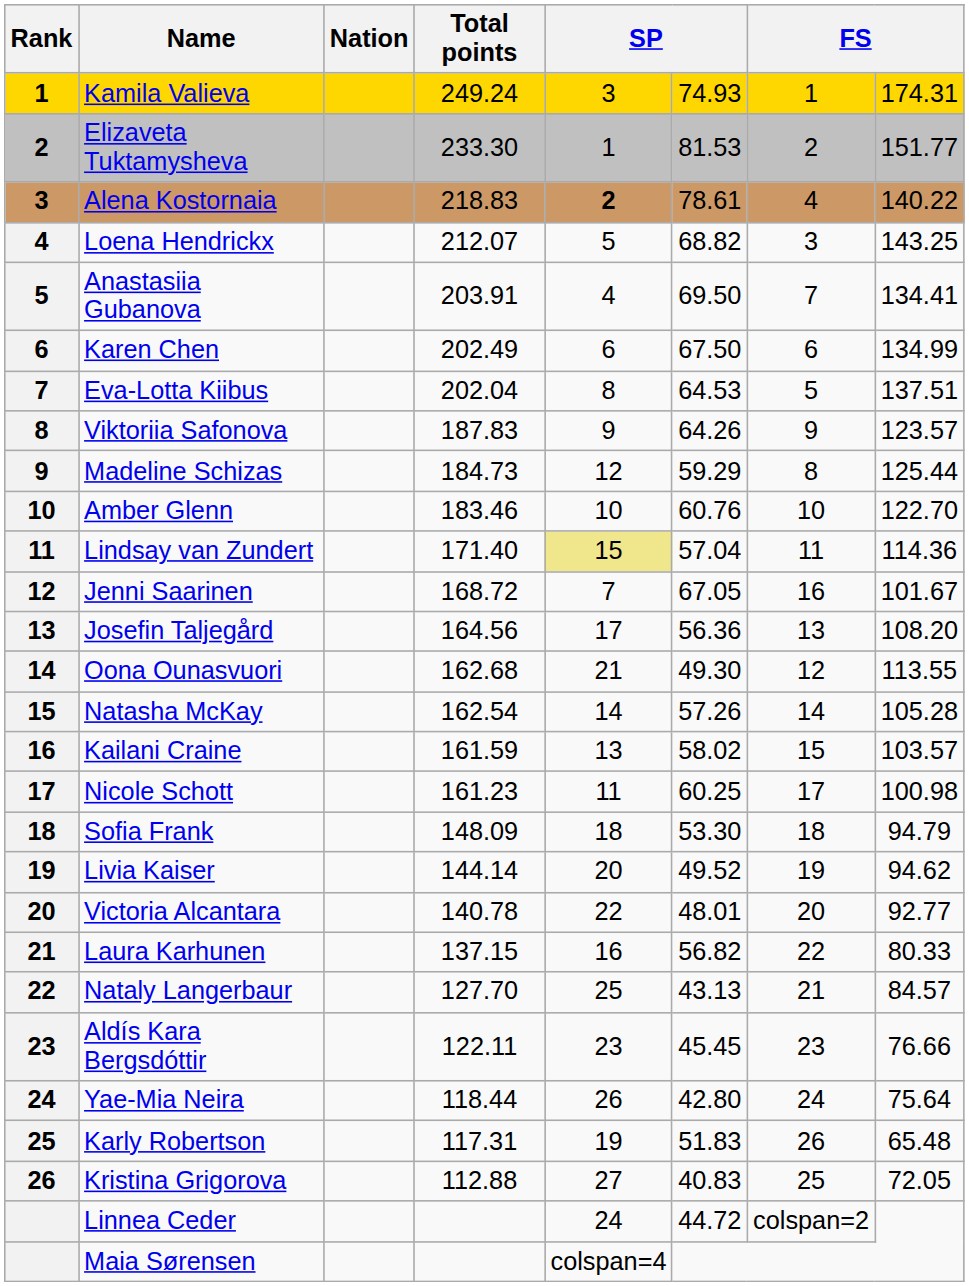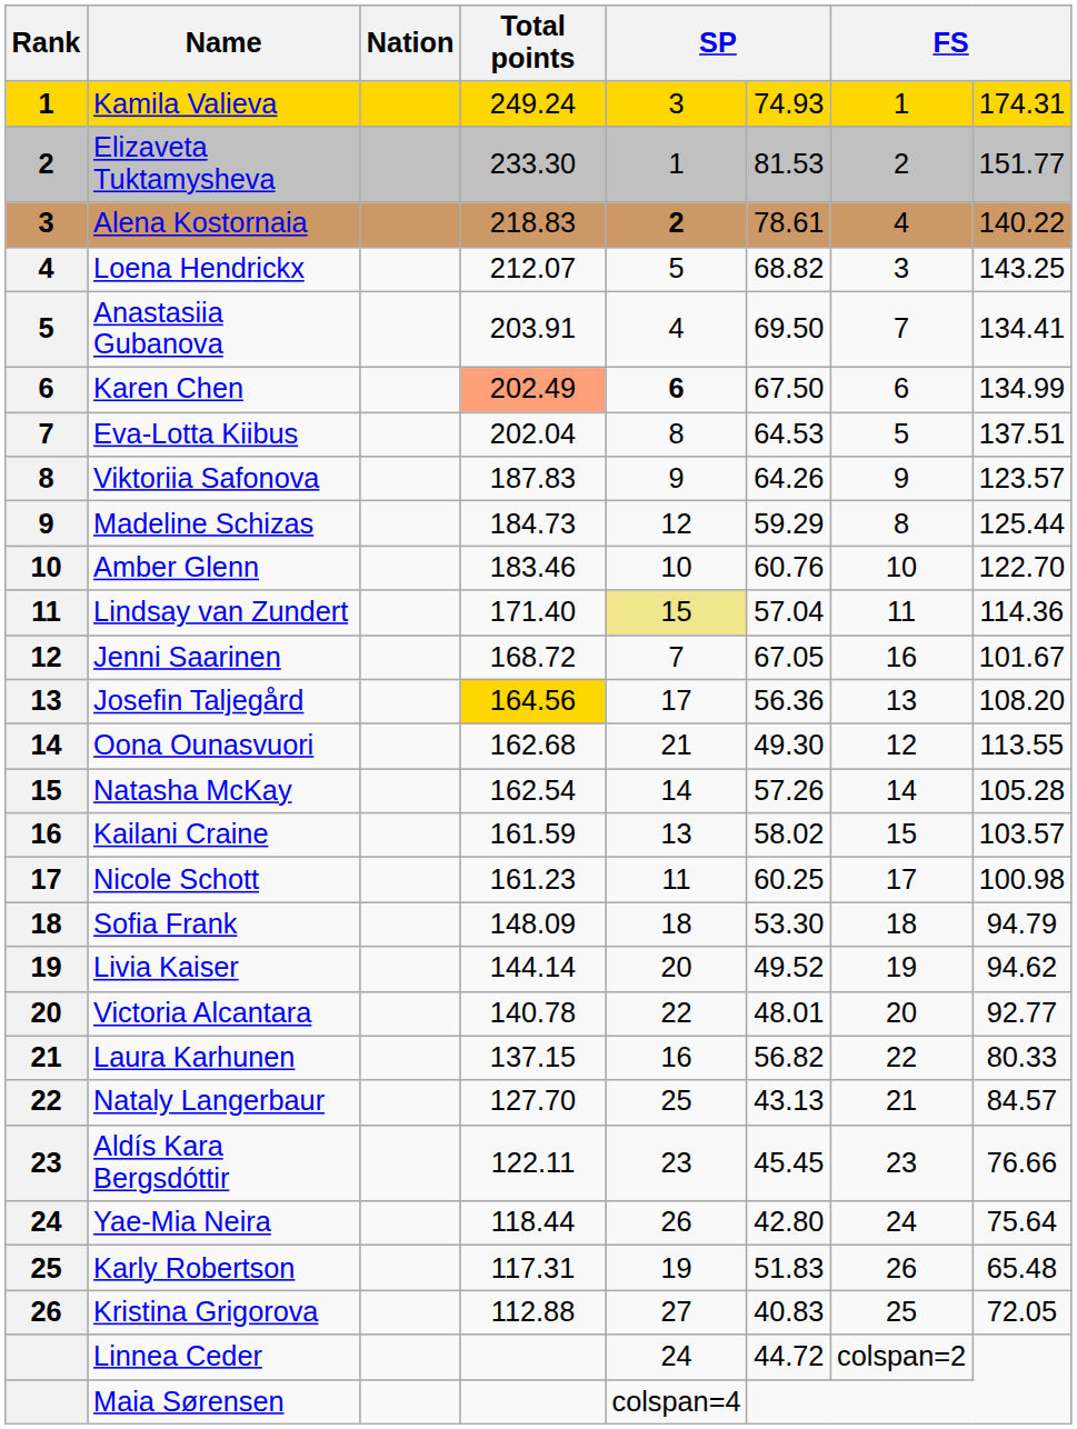 <table class="wikitable sortable">
 <tr>
 <th>Rank</th>
 <th>Name</th>
 <th>Nation</th>
 <th>Total points</th>
 <th colspan="2" width="80px"><a href='#'>SP</a></th>
 <th colspan="2" width="80px"><a href='#'>FS</a></th>
 </tr>
 <tr bgcolor="gold">
 <td align="center"><strong>1</strong></td>
 <td><a href='#'>Kamila Valieva</a></td>
 <td></td>
 <td align="center">249.24</td>
 <td align="center">3</td>
 <td align="center">74.93</td>
 <td align="center">1</td>
 <td align="center">174.31</td>
 </tr>
 <tr bgcolor="silver">
 <td align="center"><strong>2</strong></td>
 <td><a href='#'>Elizaveta Tuktamysheva</a></td>
 <td></td>
 <td align="center">233.30</td>
 <td align="center">1</td>
 <td align="center">81.53</td>
 <td align="center">2</td>
 <td align="center">151.77</td>
 </tr>
 <tr bgcolor="cc9966">
 <td align="center"><strong>3</strong></td>
 <td><a href='#'>Alena Kostornaia</a></td>
 <td></td>
 <td align="center">218.83</td>
 <td align="center"><strong>2</strong></td>
 <td align="center">78.61</td>
 <td align="center">4</td>
 <td align="center">140.22</td>
 </tr>
 <tr>
 <th>4</th>
 <td><a href='#'>Loena Hendrickx</a></td>
 <td></td>
 <td align="center">212.07</td>
 <td align="center">5</td>
 <td align="center">68.82</td>
 <td align="center">3</td>
 <td align="center">143.25</td>
 </tr>
 <tr>
 <th>5</th>
 <td><a href='#'>Anastasiia Gubanova</a></td>
 <td></td>
 <td align="center">203.91</td>
 <td align="center">4</td>
 <td align="center">69.50</td>
 <td align="center">7</td>
 <td align="center">134.41</td>
 </tr>
 <tr>
 <th>6</th>
 <td><a href='#'>Karen Chen</a></td>
 <td></td>
-<td align="center">202.49</td>
-<td align="center">6</td>
+<td align="center" style="background: lightsalmon;">202.49</td>
+<td align="center"><strong>6</strong></td>
 <td align="center">67.50</td>
 <td align="center">6</td>
 <td align="center">134.99</td>
 </tr>
 <tr>
 <th>7</th>
 <td><a href='#'>Eva-Lotta Kiibus</a></td>
 <td></td>
 <td align="center">202.04</td>
 <td align="center">8</td>
 <td align="center">64.53</td>
 <td align="center">5</td>
 <td align="center">137.51</td>
 </tr>
 <tr>
 <th>8</th>
 <td><a href='#'>Viktoriia Safonova</a></td>
 <td></td>
 <td align="center">187.83</td>
 <td align="center">9</td>
 <td align="center">64.26</td>
 <td align="center">9</td>
 <td align="center">123.57</td>
 </tr>
 <tr>
 <th>9</th>
 <td><a href='#'>Madeline Schizas</a></td>
 <td></td>
 <td align="center">184.73</td>
 <td align="center">12</td>
 <td align="center">59.29</td>
 <td align="center">8</td>
 <td align="center">125.44</td>
 </tr>
 <tr>
 <th>10</th>
 <td><a href='#'>Amber Glenn</a></td>
 <td></td>
 <td align="center">183.46</td>
 <td align="center">10</td>
 <td align="center">60.76</td>
 <td align="center">10</td>
 <td align="center">122.70</td>
 </tr>
 <tr>
 <th>11</th>
 <td><a href='#'>Lindsay van Zundert</a></td>
 <td></td>
 <td align="center">171.40</td>
 <td align="center" style="background: khaki;">15</td>
 <td align="center">57.04</td>
 <td align="center">11</td>
 <td align="center">114.36</td>
 </tr>
 <tr>
 <th>12</th>
 <td><a href='#'>Jenni Saarinen</a></td>
 <td></td>
 <td align="center">168.72</td>
 <td align="center">7</td>
 <td align="center">67.05</td>
 <td align="center">16</td>
 <td align="center">101.67</td>
 </tr>
 <tr>
 <th>13</th>
 <td><a href='#'>Josefin Taljegård</a></td>
 <td></td>
-<td align="center">164.56</td>
+<td align="center" style="background: gold;">164.56</td>
 <td align="center">17</td>
 <td align="center">56.36</td>
 <td align="center">13</td>
 <td align="center">108.20</td>
 </tr>
 <tr>
 <th>14</th>
 <td><a href='#'>Oona Ounasvuori</a></td>
 <td></td>
 <td align="center">162.68</td>
 <td align="center">21</td>
 <td align="center">49.30</td>
 <td align="center">12</td>
 <td align="center">113.55</td>
 </tr>
 <tr>
 <th>15</th>
 <td><a href='#'>Natasha McKay</a></td>
 <td></td>
 <td align="center">162.54</td>
 <td align="center">14</td>
 <td align="center">57.26</td>
 <td align="center">14</td>
 <td align="center">105.28</td>
 </tr>
 <tr>
 <th>16</th>
 <td><a href='#'>Kailani Craine</a></td>
 <td></td>
 <td align="center">161.59</td>
 <td align="center">13</td>
 <td align="center">58.02</td>
 <td align="center">15</td>
 <td align="center">103.57</td>
 </tr>
 <tr>
 <th>17</th>
 <td><a href='#'>Nicole Schott</a></td>
 <td></td>
 <td align="center">161.23</td>
 <td align="center">11</td>
 <td align="center">60.25</td>
 <td align="center">17</td>
 <td align="center">100.98</td>
 </tr>
 <tr>
 <th>18</th>
 <td><a href='#'>Sofia Frank</a></td>
 <td></td>
 <td align="center">148.09</td>
 <td align="center">18</td>
 <td align="center">53.30</td>
 <td align="center">18</td>
 <td align="center">94.79</td>
 </tr>
 <tr>
 <th>19</th>
 <td><a href='#'>Livia Kaiser</a></td>
 <td></td>
 <td align="center">144.14</td>
 <td align="center">20</td>
 <td align="center">49.52</td>
 <td align="center">19</td>
 <td align="center">94.62</td>
 </tr>
 <tr>
 <th>20</th>
 <td><a href='#'>Victoria Alcantara</a></td>
 <td></td>
 <td align="center">140.78</td>
 <td align="center">22</td>
 <td align="center">48.01</td>
 <td align="center">20</td>
 <td align="center">92.77</td>
 </tr>
 <tr>
 <th>21</th>
 <td><a href='#'>Laura Karhunen</a></td>
 <td></td>
 <td align="center">137.15</td>
 <td align="center">16</td>
 <td align="center">56.82</td>
 <td align="center">22</td>
 <td align="center">80.33</td>
 </tr>
 <tr>
 <th>22</th>
 <td><a href='#'>Nataly Langerbaur</a></td>
 <td></td>
 <td align="center">127.70</td>
 <td align="center">25</td>
 <td align="center">43.13</td>
 <td align="center">21</td>
 <td align="center">84.57</td>
 </tr>
 <tr>
 <th>23</th>
 <td><a href='#'>Aldís Kara Bergsdóttir</a></td>
 <td></td>
 <td align="center">122.11</td>
 <td align="center">23</td>
 <td align="center">45.45</td>
 <td align="center">23</td>
 <td align="center">76.66</td>
 </tr>
 <tr>
 <th>24</th>
 <td><a href='#'>Yae-Mia Neira</a></td>
 <td></td>
 <td align="center">118.44</td>
 <td align="center">26</td>
 <td align="center">42.80</td>
 <td align="center">24</td>
 <td align="center">75.64</td>
 </tr>
 <tr>
 <th>25</th>
 <td><a href='#'>Karly Robertson</a></td>
 <td></td>
 <td align="center">117.31</td>
 <td align="center">19</td>
 <td align="center">51.83</td>
 <td align="center">26</td>
 <td align="center">65.48</td>
 </tr>
 <tr>
 <th>26</th>
 <td><a href='#'>Kristina Grigorova</a></td>
 <td></td>
 <td align="center">112.88</td>
 <td align="center">27</td>
 <td align="center">40.83</td>
 <td align="center">25</td>
 <td align="center">72.05</td>
 </tr>
 <tr>
 <th></th>
 <td><a href='#'>Linnea Ceder</a></td>
 <td></td>
 <td></td>
 <td align="center">24</td>
 <td align="center">44.72</td>
 <td>colspan=2 </td>
 </tr>
 <tr>
 <th></th>
 <td><a href='#'>Maia Sørensen</a></td>
 <td></td>
 <td></td>
 <td>colspan=4 </td>
 </tr>
 </table>
